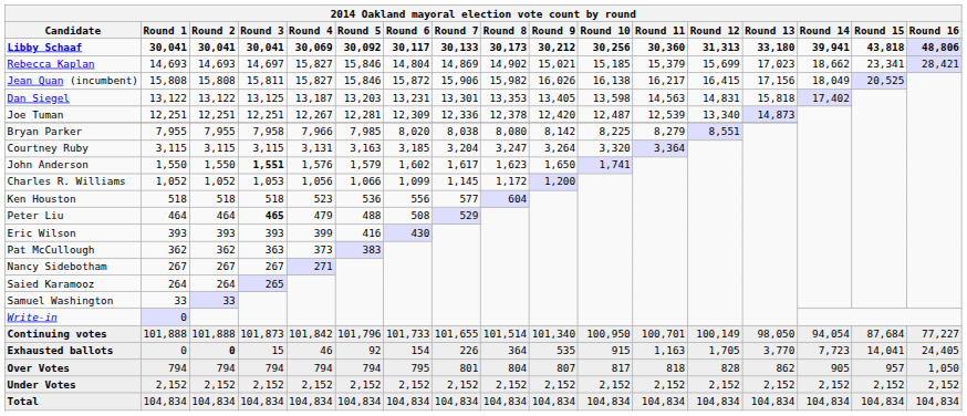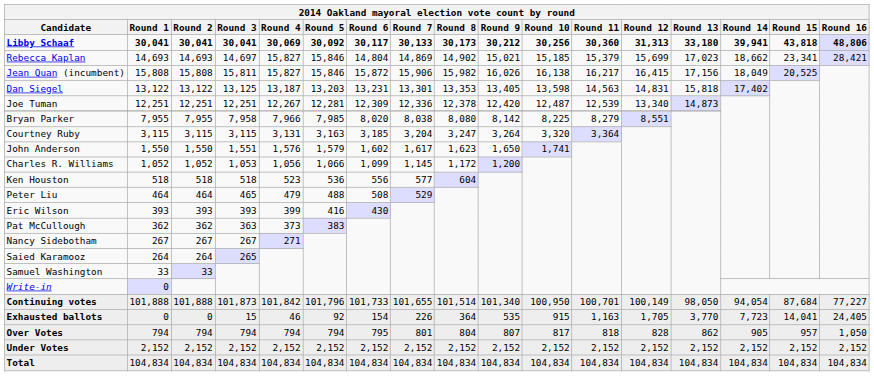 <table class="wikitable" style="text-align:right;">
 <tr>
 <th colspan=17>2014 Oakland mayoral election vote count by round</th>
 </tr>
 <tr>
 <th align="left">Candidate</th>
 <th>Round 1</th>
 <th>Round 2</th>
 <th>Round 3</th>
 <th>Round 4</th>
 <th>Round 5</th>
 <th>Round 6</th>
 <th>Round 7</th>
 <th>Round 8</th>
 <th>Round 9</th>
 <th>Round 10</th>
 <th>Round 11</th>
 <th>Round 12</th>
 <th>Round 13</th>
 <th>Round 14</th>
 <th>Round 15</th>
 <th>Round 16</th>
 </tr>
 <tr>
 <td align="left"><strong><a href='#'>Libby Schaaf</a></strong></td>
 <td><strong>30,041</strong></td>
 <td><strong>30,041</strong></td>
 <td><strong>30,041 </strong></td>
 <td><strong>30,069</strong></td>
 <td><strong>30,092</strong></td>
 <td><strong>30,117</strong></td>
 <td><strong>30,133</strong></td>
 <td><strong>30,173</strong></td>
 <td><strong>30,212</strong></td>
 <td><strong>30,256</strong></td>
 <td><strong>30,360</strong></td>
 <td><strong>31,313</strong></td>
 <td><strong>33,180</strong></td>
 <td><strong>39,941</strong></td>
 <td><strong>43,818</strong></td>
 <td style="background-color:#ddddff"><strong>48,806</strong></td>
 </tr>
 <tr>
 <td align="left"><a href='#'>Rebecca Kaplan</a></td>
 <td>14,693</td>
 <td>14,693</td>
 <td>14,697</td>
 <td>15,827</td>
 <td>15,846</td>
 <td>14,804</td>
 <td>14,869</td>
 <td>14,902</td>
 <td>15,021</td>
 <td>15,185</td>
 <td>15,379</td>
 <td>15,699</td>
 <td>17,023</td>
 <td>18,662</td>
 <td>23,341</td>
 <td style="background-color:#ddddff">28,421</td>
 </tr>
 <tr>
 <td align="left"><a href='#'>Jean Quan</a> (incumbent)</td>
 <td>15,808</td>
 <td>15,808</td>
 <td>15,811</td>
 <td>15,827</td>
 <td>15,846</td>
 <td>15,872</td>
 <td>15,906</td>
 <td>15,982</td>
 <td>16,026</td>
 <td>16,138</td>
 <td>16,217</td>
 <td>16,415</td>
 <td>17,156</td>
 <td>18,049</td>
 <td style="background-color:#ddddff">20,525</td>
 <td rowspan="15"></td>
 </tr>
 <tr>
 <td align="left"><a href='#'>Dan Siegel</a></td>
 <td>13,122</td>
 <td>13,122</td>
 <td>13,125</td>
 <td>13,187</td>
 <td>13,203</td>
 <td>13,231</td>
 <td>13,301</td>
 <td>13,353</td>
 <td>13,405</td>
 <td>13,598</td>
 <td>14,563</td>
 <td>14,831</td>
 <td>15,818</td>
 <td style="background-color:#ddddff">17,402</td>
 <td rowspan="14"></td>
 </tr>
 <tr>
 <td align="left">Joe Tuman</td>
 <td>12,251</td>
 <td>12,251</td>
 <td>12,251</td>
 <td>12,267</td>
 <td>12,281</td>
 <td>12,309</td>
 <td>12,336</td>
 <td>12,378</td>
 <td>12,420</td>
 <td>12,487</td>
 <td>12,539</td>
 <td>13,340</td>
 <td style="background-color:#ddddff">14,873</td>
 <td rowspan="13"></td>
 </tr>
 <tr>
 </tr>
 <tr>
 <td align="left">Bryan Parker</td>
 <td>7,955</td>
 <td>7,955</td>
 <td>7,958</td>
 <td>7,966</td>
 <td>7,985</td>
 <td>8,020</td>
 <td>8,038</td>
 <td>8,080</td>
 <td>8,142</td>
 <td>8,225</td>
 <td>8,279</td>
 <td style="background-color:#ddddff">8,551</td>
 <td rowspan="12"></td>
 </tr>
 <tr>
 <td align="left">Courtney Ruby</td>
 <td>3,115</td>
 <td>3,115</td>
 <td>3,115</td>
 <td>3,131</td>
 <td>3,163</td>
 <td>3,185</td>
 <td>3,204</td>
 <td>3,247</td>
 <td>3,264</td>
 <td>3,320</td>
 <td style="background-color:#ddddff">3,364</td>
 <td rowspan="11"></td>
 </tr>
 <tr>
 <td align="left">John Anderson</td>
 <td>1,550</td>
 <td>1,550</td>
-<td><strong>1,551</strong></td>
+<td>1,551</td>
 <td>1,576</td>
 <td>1,579</td>
 <td>1,602</td>
 <td>1,617</td>
 <td>1,623</td>
 <td>1,650</td>
 <td style="background-color:#ddddff">1,741</td>
 <td rowspan="10"></td>
 </tr>
 <tr>
 <td align="left">Charles R. Williams</td>
 <td>1,052</td>
 <td>1,052</td>
 <td>1,053</td>
 <td>1,056</td>
 <td>1,066</td>
 <td>1,099</td>
 <td>1,145</td>
 <td>1,172</td>
 <td style="background-color:#ddddff">1,200</td>
 <td rowspan="9"></td>
 </tr>
 <tr>
 <td align="left">Ken Houston</td>
 <td>518</td>
 <td>518</td>
 <td>518</td>
 <td>523</td>
 <td>536</td>
 <td>556</td>
 <td>577</td>
 <td style="background-color:#ddddff">604</td>
 <td rowspan="8"></td>
 </tr>
 <tr>
 <td align="left">Peter Liu</td>
 <td>464</td>
 <td>464</td>
-<td><strong>465</strong></td>
+<td>465</td>
 <td>479</td>
 <td>488</td>
 <td>508</td>
 <td style="background-color:#ddddff">529</td>
 <td rowspan="7"></td>
 </tr>
 <tr>
 <td align="left">Eric Wilson</td>
 <td>393</td>
 <td>393</td>
 <td>393</td>
 <td>399</td>
 <td>416</td>
 <td style="background-color:#ddddff">430</td>
 <td rowspan="6"></td>
 </tr>
 <tr>
 <td align="left">Pat McCullough</td>
 <td>362</td>
 <td>362</td>
 <td>363</td>
 <td>373</td>
 <td style="background-color:#ddddff">383</td>
 <td rowspan="5"></td>
 </tr>
 <tr>
 <td align="left">Nancy Sidebotham</td>
 <td>267</td>
 <td>267</td>
 <td>267</td>
 <td style="background-color:#ddddff">271</td>
 <td rowspan="4"></td>
 </tr>
 <tr>
 <td align="left">Saied Karamooz</td>
 <td>264</td>
 <td>264</td>
 <td style="background-color:#ddddff">265</td>
 <td rowspan="3"></td>
 </tr>
 <tr>
 <td align="left">Samuel Washington</td>
 <td>33</td>
 <td style="background-color:#ddddff">33</td>
 <td rowspan="2"></td>
 </tr>
 <tr>
 <td align="left"><em><a href='#'>Write-in</a></em></td>
 <td style="background-color:#ddddff">0</td>
 <td rowspan="1"></td>
 </tr>
 <tr style="background-color:#EEEEEE">
 <td align="left"><strong>Continuing votes</strong></td>
 <td>101,888</td>
 <td>101,888</td>
 <td>101,873</td>
 <td>101,842</td>
 <td>101,796</td>
 <td>101,733</td>
 <td>101,655</td>
 <td>101,514</td>
 <td>101,340</td>
 <td>100,950</td>
 <td>100,701</td>
 <td>100,149</td>
 <td>98,050</td>
 <td>94,054</td>
 <td>87,684</td>
 <td>77,227</td>
 </tr>
 <tr style="background-color:#EEEEEE">
 <td align="left"><strong>Exhausted ballots</strong></td>
 <td>0</td>
-<td><strong>0</strong></td>
+<td>0</td>
 <td>15</td>
 <td>46</td>
 <td>92</td>
 <td>154</td>
 <td>226</td>
 <td>364</td>
 <td>535</td>
 <td>915</td>
 <td>1,163</td>
 <td>1,705</td>
 <td>3,770</td>
 <td>7,723</td>
 <td>14,041</td>
 <td>24,405</td>
 </tr>
 <tr style="background-color:#EEEEEE">
 <td align="left"><strong>Over Votes</strong></td>
 <td>794</td>
 <td>794</td>
 <td>794</td>
 <td>794</td>
 <td>794</td>
 <td>795</td>
 <td>801</td>
 <td>804</td>
 <td>807</td>
 <td>817</td>
 <td>818</td>
 <td>828</td>
 <td>862</td>
 <td>905</td>
 <td>957</td>
 <td>1,050</td>
 </tr>
 <tr style="background-color:#EEEEEE">
 <td align="left"><strong>Under Votes</strong></td>
 <td>2,152</td>
 <td>2,152</td>
 <td>2,152</td>
 <td>2,152</td>
 <td>2,152</td>
 <td>2,152</td>
 <td>2,152</td>
 <td>2,152</td>
 <td>2,152</td>
 <td>2,152</td>
 <td>2,152</td>
 <td>2,152</td>
 <td>2,152</td>
 <td>2,152</td>
 <td>2,152</td>
 <td>2,152</td>
 </tr>
 <tr style="background-color:#EEEEEE">
 <td align="left"><strong>Total</strong></td>
 <td>104,834</td>
 <td>104,834</td>
 <td>104,834</td>
 <td>104,834</td>
 <td>104,834</td>
 <td>104,834</td>
 <td>104,834</td>
 <td>104,834</td>
 <td>104,834</td>
 <td>104,834</td>
 <td>104,834</td>
 <td>104,834</td>
 <td>104,834</td>
 <td>104,834</td>
 <td>104,834</td>
 <td>104,834</td>
 </tr>
 </table>
